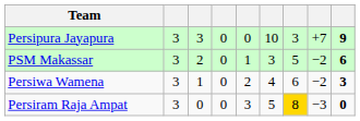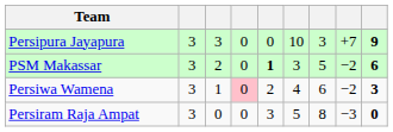 <table class="wikitable" style="text-align:center">
 <tr>
 <th style="width:175px;">Team</th>
 <th width="20"></th>
 <th width="20"></th>
 <th width="20"></th>
 <th width="20"></th>
 <th width="20"></th>
 <th width="20"></th>
 <th width="20"></th>
 <th width="20"></th>
 </tr>
 <tr style="background:#cfc;">
 <td align=left><a href='#'>Persipura Jayapura</a></td>
 <td>3</td>
 <td>3</td>
 <td>0</td>
 <td>0</td>
 <td>10</td>
 <td>3</td>
 <td>+7</td>
 <td><strong>9</strong></td>
 </tr>
 <tr style="background:#cfc;">
 <td align=left><a href='#'>PSM Makassar</a></td>
 <td>3</td>
 <td>2</td>
 <td>0</td>
-<td>1</td>
+<td><strong>1</strong></td>
 <td>3</td>
 <td>5</td>
 <td>−2</td>
 <td><strong>6</strong></td>
 </tr>
 <tr>
 <td align=left><a href='#'>Persiwa Wamena</a></td>
 <td>3</td>
 <td>1</td>
-<td>0</td>
+<td style="background: pink;">0</td>
 <td>2</td>
 <td>4</td>
 <td>6</td>
 <td>−2</td>
 <td><strong>3</strong></td>
 </tr>
 <tr>
 <td align=left><a href='#'>Persiram Raja Ampat</a></td>
 <td>3</td>
 <td>0</td>
 <td>0</td>
 <td>3</td>
 <td>5</td>
-<td style="background: gold;">8</td>
+<td>8</td>
 <td>−3</td>
 <td><strong>0</strong></td>
 </tr>
 </table>
